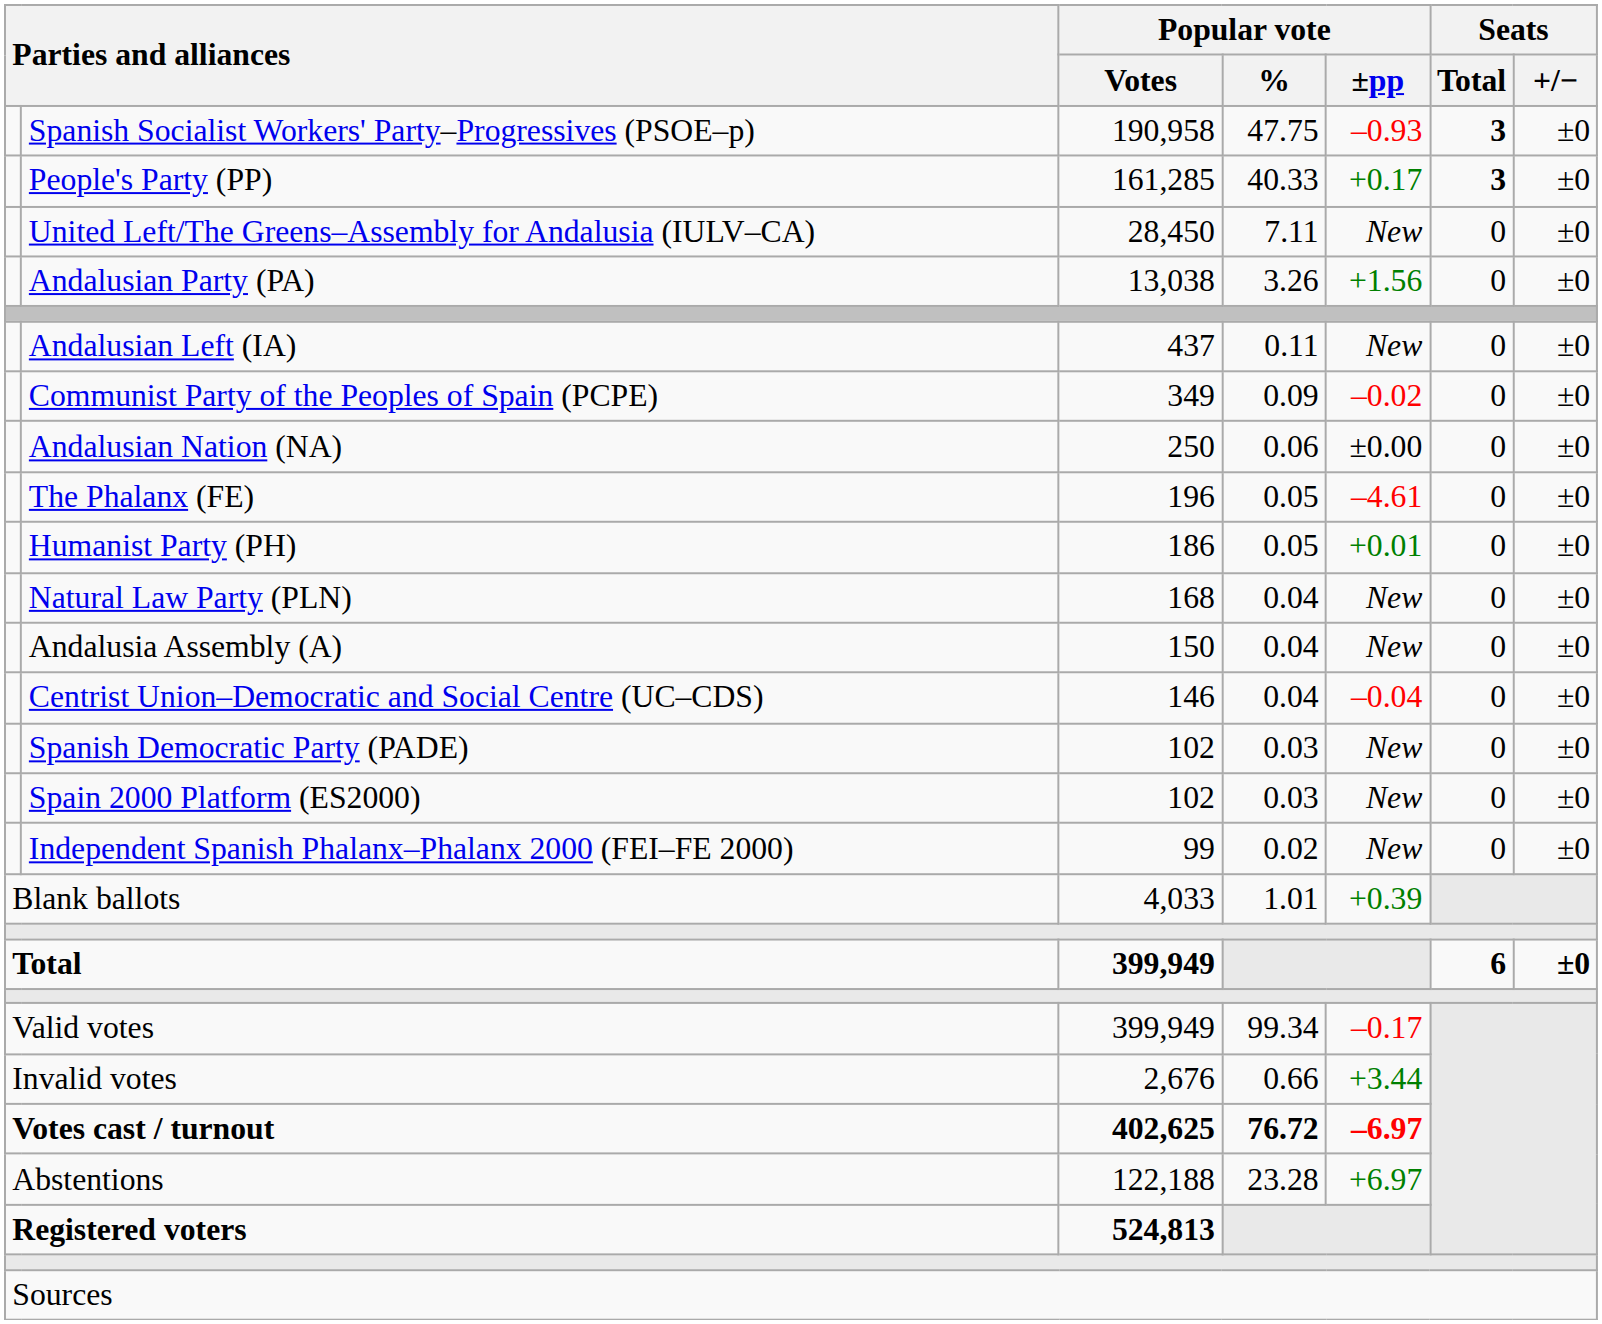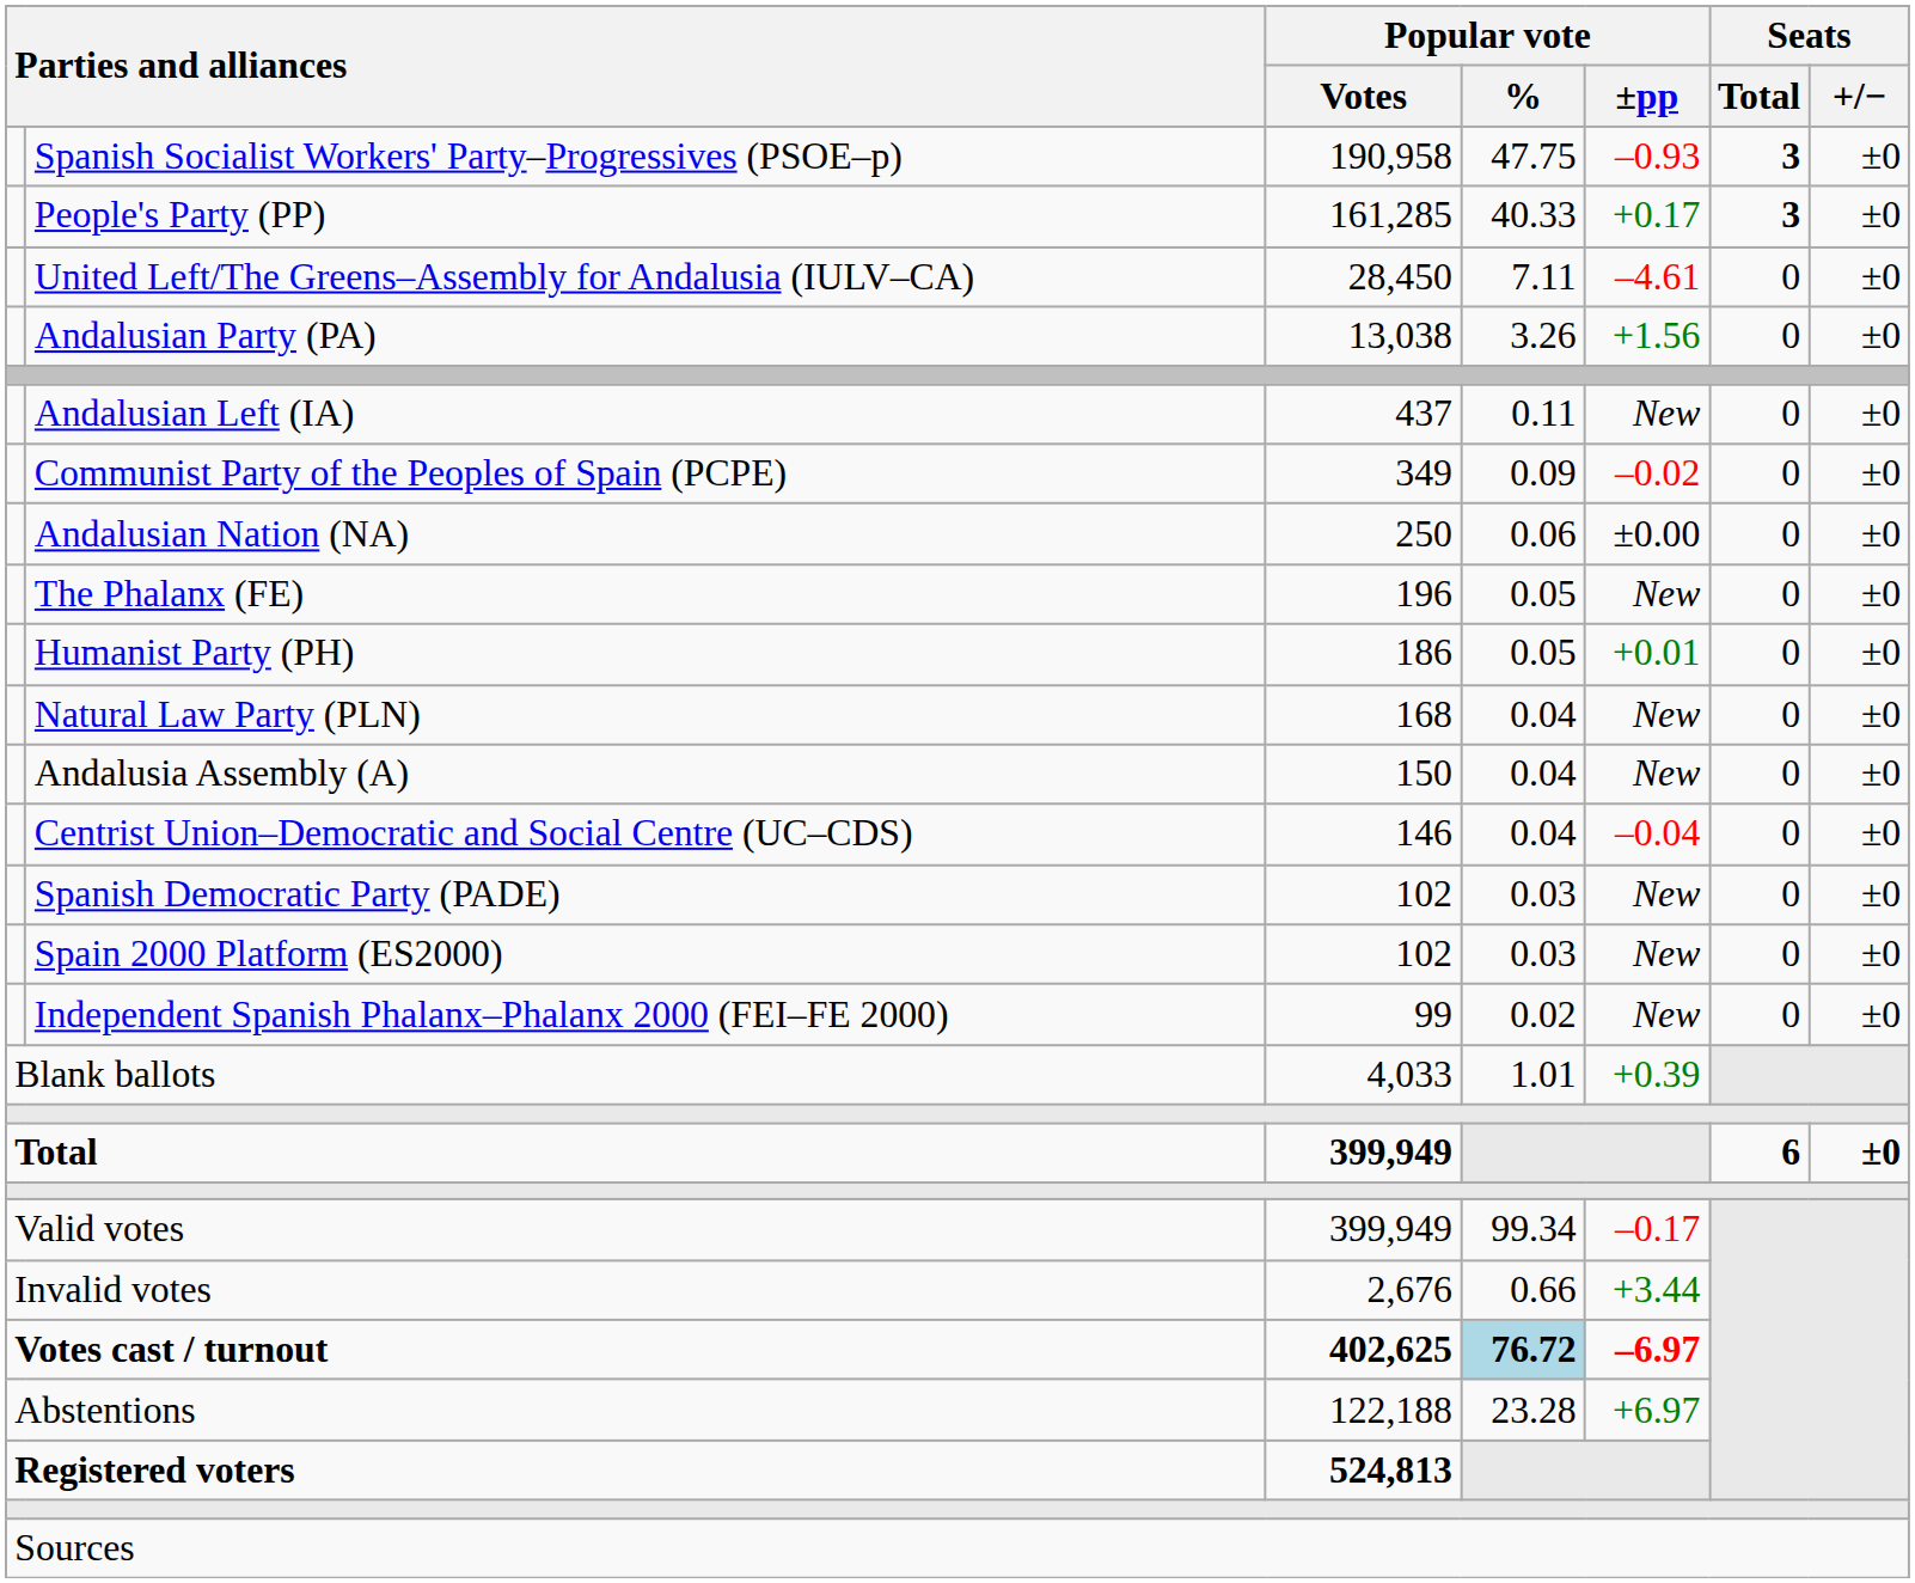 <table class="wikitable" style="text-align:right;">
 <tr>
 <th style="text-align:left;" rowspan="2" colspan="2" width="525">Parties and alliances</th>
 <th colspan="3">Popular vote</th>
 <th colspan="2">Seats</th>
 </tr>
 <tr>
 <th width="75">Votes</th>
 <th width="45">%</th>
 <th width="45">±<a href='#'>pp</a></th>
 <th width="35">Total</th>
 <th width="35">+/−</th>
 </tr>
 <tr>
 <td width="1" style="color:inherit;background:"></td>
 <td align="left"><a href='#'>Spanish Socialist Workers' Party</a>–<a href='#'>Progressives</a> (PSOE–p)</td>
 <td>190,958</td>
 <td>47.75</td>
 <td style="color:red;">–0.93</td>
 <td><strong>3</strong></td>
 <td>±0</td>
 </tr>
 <tr>
 <td style="color:inherit;background:"></td>
 <td align="left"><a href='#'>People's Party</a> (PP)</td>
 <td>161,285</td>
 <td>40.33</td>
 <td style="color:green;">+0.17</td>
 <td><strong>3</strong></td>
 <td>±0</td>
 </tr>
 <tr>
 <td style="color:inherit;background:"></td>
 <td align="left"><a href='#'>United Left/The Greens–Assembly for Andalusia</a> (IULV–CA)</td>
 <td>28,450</td>
 <td>7.11</td>
-<td><em>New</em></td>
+<td style="color:red;">–4.61</td>
 <td>0</td>
 <td>±0</td>
 </tr>
 <tr>
 <td style="color:inherit;background:"></td>
 <td align="left"><a href='#'>Andalusian Party</a> (PA)</td>
 <td>13,038</td>
 <td>3.26</td>
 <td style="color:green;">+1.56</td>
 <td>0</td>
 <td>±0</td>
 </tr>
 <tr>
 <td colspan="7" bgcolor="#C0C0C0"></td>
 </tr>
 <tr>
 <td style="color:inherit;background:"></td>
 <td align="left"><a href='#'>Andalusian Left</a> (IA)</td>
 <td>437</td>
 <td>0.11</td>
 <td><em>New</em></td>
 <td>0</td>
 <td>±0</td>
 </tr>
 <tr>
 <td style="color:inherit;background:"></td>
 <td align="left"><a href='#'>Communist Party of the Peoples of Spain</a> (PCPE)</td>
 <td>349</td>
 <td>0.09</td>
 <td style="color:red;">–0.02</td>
 <td>0</td>
 <td>±0</td>
 </tr>
 <tr>
 <td style="color:inherit;background:"></td>
 <td align="left"><a href='#'>Andalusian Nation</a> (NA)</td>
 <td>250</td>
 <td>0.06</td>
 <td>±0.00</td>
 <td>0</td>
 <td>±0</td>
 </tr>
 <tr>
 <td style="color:inherit;background:"></td>
 <td align="left"><a href='#'>The Phalanx</a> (FE)</td>
 <td>196</td>
 <td>0.05</td>
-<td style="color:red;">–4.61</td>
+<td><em>New</em></td>
 <td>0</td>
 <td>±0</td>
 </tr>
 <tr>
 <td style="color:inherit;background:"></td>
 <td align="left"><a href='#'>Humanist Party</a> (PH)</td>
 <td>186</td>
 <td>0.05</td>
 <td style="color:green;">+0.01</td>
 <td>0</td>
 <td>±0</td>
 </tr>
 <tr>
 <td style="color:inherit;background:"></td>
 <td align="left"><a href='#'>Natural Law Party</a> (PLN)</td>
 <td>168</td>
 <td>0.04</td>
 <td><em>New</em></td>
 <td>0</td>
 <td>±0</td>
 </tr>
 <tr>
 <td style="color:inherit;background:"></td>
 <td align="left">Andalusia Assembly (A)</td>
 <td>150</td>
 <td>0.04</td>
 <td><em>New</em></td>
 <td>0</td>
 <td>±0</td>
 </tr>
 <tr>
 <td style="color:inherit;background:"></td>
 <td align="left"><a href='#'>Centrist Union–Democratic and Social Centre</a> (UC–CDS)</td>
 <td>146</td>
 <td>0.04</td>
 <td style="color:red;">–0.04</td>
 <td>0</td>
 <td>±0</td>
 </tr>
 <tr>
 <td style="color:inherit;background:"></td>
 <td align="left"><a href='#'>Spanish Democratic Party</a> (PADE)</td>
 <td>102</td>
 <td>0.03</td>
 <td><em>New</em></td>
 <td>0</td>
 <td>±0</td>
 </tr>
 <tr>
 <td style="color:inherit;background:"></td>
 <td align="left"><a href='#'>Spain 2000 Platform</a> (ES2000)</td>
 <td>102</td>
 <td>0.03</td>
 <td><em>New</em></td>
 <td>0</td>
 <td>±0</td>
 </tr>
 <tr>
 <td style="color:inherit;background:"></td>
 <td align="left"><a href='#'>Independent Spanish Phalanx–Phalanx 2000</a> (FEI–FE 2000)</td>
 <td>99</td>
 <td>0.02</td>
 <td><em>New</em></td>
 <td>0</td>
 <td>±0</td>
 </tr>
 <tr>
 <td align="left" colspan="2">Blank ballots</td>
 <td>4,033</td>
 <td>1.01</td>
 <td style="color:green;">+0.39</td>
 <td bgcolor="#E9E9E9" colspan="2"></td>
 </tr>
 <tr>
 <td colspan="7" bgcolor="#E9E9E9"></td>
 </tr>
 <tr style="font-weight:bold;">
 <td align="left" colspan="2">Total</td>
 <td>399,949</td>
 <td bgcolor="#E9E9E9" colspan="2"></td>
 <td>6</td>
 <td>±0</td>
 </tr>
 <tr>
 <td colspan="7" bgcolor="#E9E9E9"></td>
 </tr>
 <tr>
 <td align="left" colspan="2">Valid votes</td>
 <td>399,949</td>
 <td>99.34</td>
 <td style="color:red;">–0.17</td>
 <td bgcolor="#E9E9E9" colspan="2" rowspan="5"></td>
 </tr>
 <tr>
 <td align="left" colspan="2">Invalid votes</td>
 <td>2,676</td>
 <td>0.66</td>
 <td style="color:green;">+3.44</td>
 </tr>
 <tr style="font-weight:bold;">
 <td align="left" colspan="2">Votes cast / turnout</td>
 <td>402,625</td>
-<td>76.72</td>
+<td style="background: lightblue;">76.72</td>
 <td style="color:red;">–6.97</td>
 </tr>
 <tr>
 <td align="left" colspan="2">Abstentions</td>
 <td>122,188</td>
 <td>23.28</td>
 <td style="color:green;">+6.97</td>
 </tr>
 <tr style="font-weight:bold;">
 <td align="left" colspan="2">Registered voters</td>
 <td>524,813</td>
 <td bgcolor="#E9E9E9" colspan="2"></td>
 </tr>
 <tr>
 <td colspan="7" bgcolor="#E9E9E9"></td>
 </tr>
 <tr>
 <td align="left" colspan="7">Sources</td>
 </tr>
 </table>
